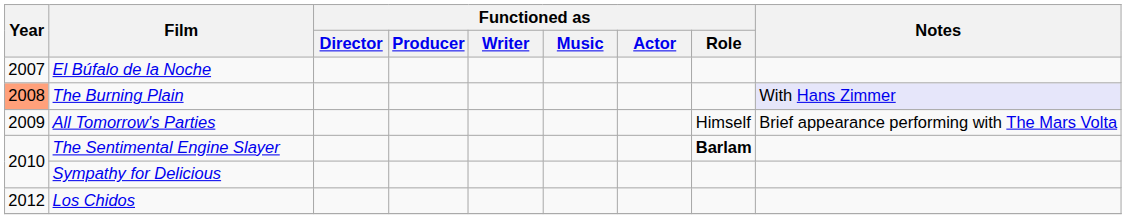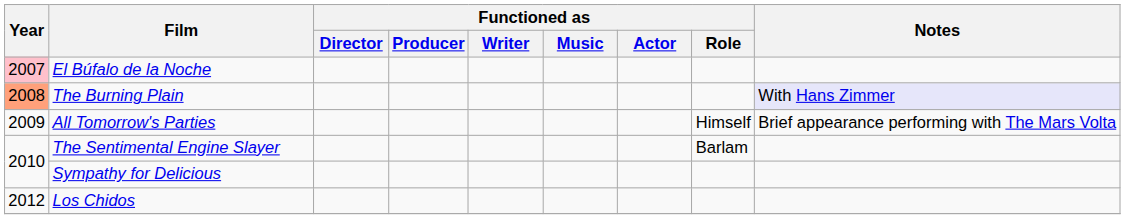 <table class="wikitable" style="margin-right: 0;">
 <tr>
 <th rowspan="2" width="33">Year</th>
 <th rowspan="2" width="250">Film</th>
 <th colspan="6">Functioned as</th>
 <th rowspan="2">Notes</th>
 </tr>
 <tr>
 <th width="65"><a href='#'>Director</a></th>
 <th width="65"><a href='#'>Producer</a></th>
 <th width="65"><a href='#'>Writer</a></th>
 <th width="65"><a href='#'>Music</a></th>
 <th width="65"><a href='#'>Actor</a></th>
 <th>Role</th>
 </tr>
 <tr>
-<td rowspan="1" align="center">2007</td>
+<td rowspan="1" align="center" style="background: pink;">2007</td>
 <td><em><a href='#'>El Búfalo de la Noche</a></em></td>
 <td></td>
 <td></td>
 <td></td>
 <td></td>
 <td></td>
 <td></td>
 <td></td>
 </tr>
 <tr>
 <td rowspan="1" align="center" style="background: lightsalmon;">2008</td>
 <td><em><a href='#'>The Burning Plain</a></em></td>
 <td></td>
 <td></td>
 <td></td>
 <td></td>
 <td></td>
 <td></td>
 <td style="background: lavender;">With <a href='#'>Hans Zimmer</a></td>
 </tr>
 <tr>
 <td rowspan="1" align="center">2009</td>
 <td><em><a href='#'>All Tomorrow's Parties</a></em></td>
 <td></td>
 <td></td>
 <td></td>
 <td></td>
 <td></td>
 <td>Himself</td>
 <td>Brief appearance performing with <a href='#'>The Mars Volta</a></td>
 </tr>
 <tr>
 <td rowspan="2" align="center">2010</td>
 <td><em><a href='#'>The Sentimental Engine Slayer</a></em></td>
 <td></td>
 <td></td>
 <td></td>
 <td></td>
 <td></td>
-<td><strong>Barlam</strong></td>
+<td>Barlam</td>
 <td></td>
 </tr>
 <tr>
 <td><em><a href='#'>Sympathy for Delicious</a></em></td>
 <td></td>
 <td></td>
 <td></td>
 <td></td>
 <td></td>
 <td></td>
 <td></td>
 </tr>
 <tr>
 <td rowspan="1" align="center">2012</td>
 <td><em><a href='#'>Los Chidos</a></em></td>
 <td></td>
 <td></td>
 <td></td>
 <td></td>
 <td></td>
 <td></td>
 <td></td>
 </tr>
 <tr>
 </tr>
 </table>
